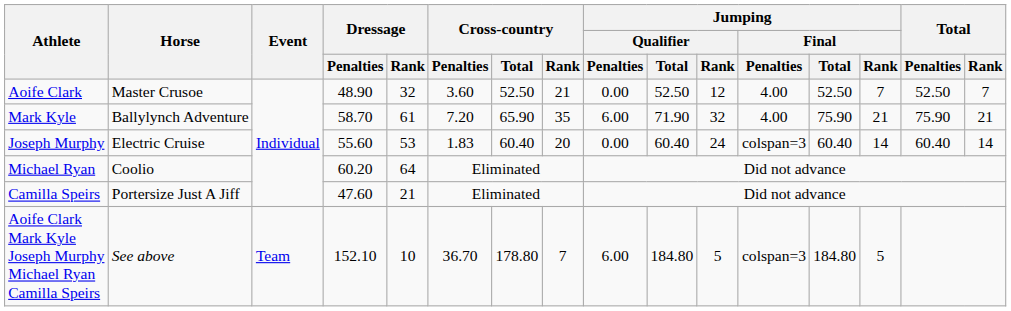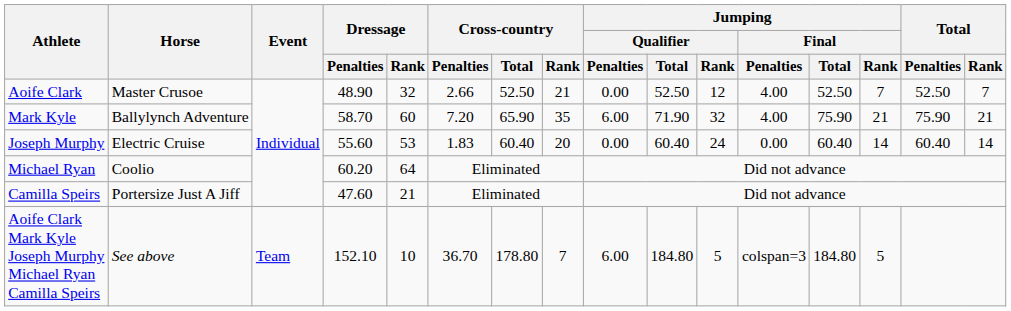 <table class=wikitable style="font-size:90%;">
 <tr>
 <th rowspan="3">Athlete</th>
 <th rowspan="3">Horse</th>
 <th rowspan="3">Event</th>
 <th colspan="2" rowspan="2">Dressage</th>
 <th colspan="3" rowspan="2">Cross-country</th>
 <th colspan="6">Jumping</th>
 <th colspan="2" rowspan="2">Total</th>
 </tr>
 <tr style="font-size:95%">
 <th colspan="3">Qualifier</th>
 <th colspan="3">Final</th>
 </tr>
 <tr style="font-size:95%">
 <th>Penalties</th>
 <th>Rank</th>
 <th>Penalties</th>
 <th>Total</th>
 <th>Rank</th>
 <th>Penalties</th>
 <th>Total</th>
 <th>Rank</th>
 <th>Penalties</th>
 <th>Total</th>
 <th>Rank</th>
 <th>Penalties</th>
 <th>Rank</th>
 </tr>
 <tr align=center>
 <td align=left><a href='#'>Aoife Clark</a></td>
 <td align=left>Master Crusoe</td>
 <td align=left rowspan=5><a href='#'>Individual</a></td>
 <td>48.90</td>
 <td>32</td>
-<td>3.60</td>
+<td>2.66</td>
 <td>52.50</td>
 <td>21</td>
 <td>0.00</td>
 <td>52.50</td>
 <td>12</td>
 <td>4.00</td>
 <td>52.50</td>
 <td>7</td>
 <td>52.50</td>
 <td>7</td>
 </tr>
 <tr align=center>
 <td align=left><a href='#'>Mark Kyle</a></td>
 <td align=left>Ballylynch Adventure</td>
 <td>58.70</td>
-<td>61</td>
+<td>60</td>
 <td>7.20</td>
 <td>65.90</td>
 <td>35</td>
 <td>6.00</td>
 <td>71.90</td>
 <td>32</td>
 <td>4.00</td>
 <td>75.90</td>
 <td>21</td>
 <td>75.90</td>
 <td>21</td>
 </tr>
 <tr align=center>
 <td align=left><a href='#'>Joseph Murphy</a></td>
 <td align=left>Electric Cruise</td>
 <td>55.60</td>
 <td>53</td>
 <td>1.83</td>
 <td>60.40</td>
 <td>20</td>
 <td>0.00</td>
 <td>60.40</td>
 <td>24</td>
-<td>colspan=3 </td>
+<td>0.00</td>
 <td>60.40</td>
 <td>14</td>
 <td>60.40</td>
 <td>14</td>
 </tr>
 <tr align=center>
 <td align=left><a href='#'>Michael Ryan</a></td>
 <td align=left>Coolio</td>
 <td>60.20</td>
 <td>64</td>
 <td colspan=3>Eliminated</td>
 <td colspan=8>Did not advance</td>
 </tr>
 <tr align=center>
 <td align=left><a href='#'>Camilla Speirs</a></td>
 <td align=left>Portersize Just A Jiff</td>
 <td>47.60</td>
 <td>21</td>
 <td colspan=3>Eliminated</td>
 <td colspan=8>Did not advance</td>
 </tr>
 <tr align=center>
 <td align=left><a href='#'>Aoife Clark</a><br><a href='#'>Mark Kyle</a><br><a href='#'>Joseph Murphy</a><br><a href='#'>Michael Ryan</a><br><a href='#'>Camilla Speirs</a></td>
 <td align=left><em>See above</em></td>
 <td align=left><a href='#'>Team</a></td>
 <td>152.10</td>
 <td>10</td>
 <td>36.70</td>
 <td>178.80</td>
 <td>7</td>
 <td>6.00</td>
 <td>184.80</td>
 <td>5</td>
 <td>colspan=3 </td>
 <td>184.80</td>
 <td>5</td>
 </tr>
 </table>
